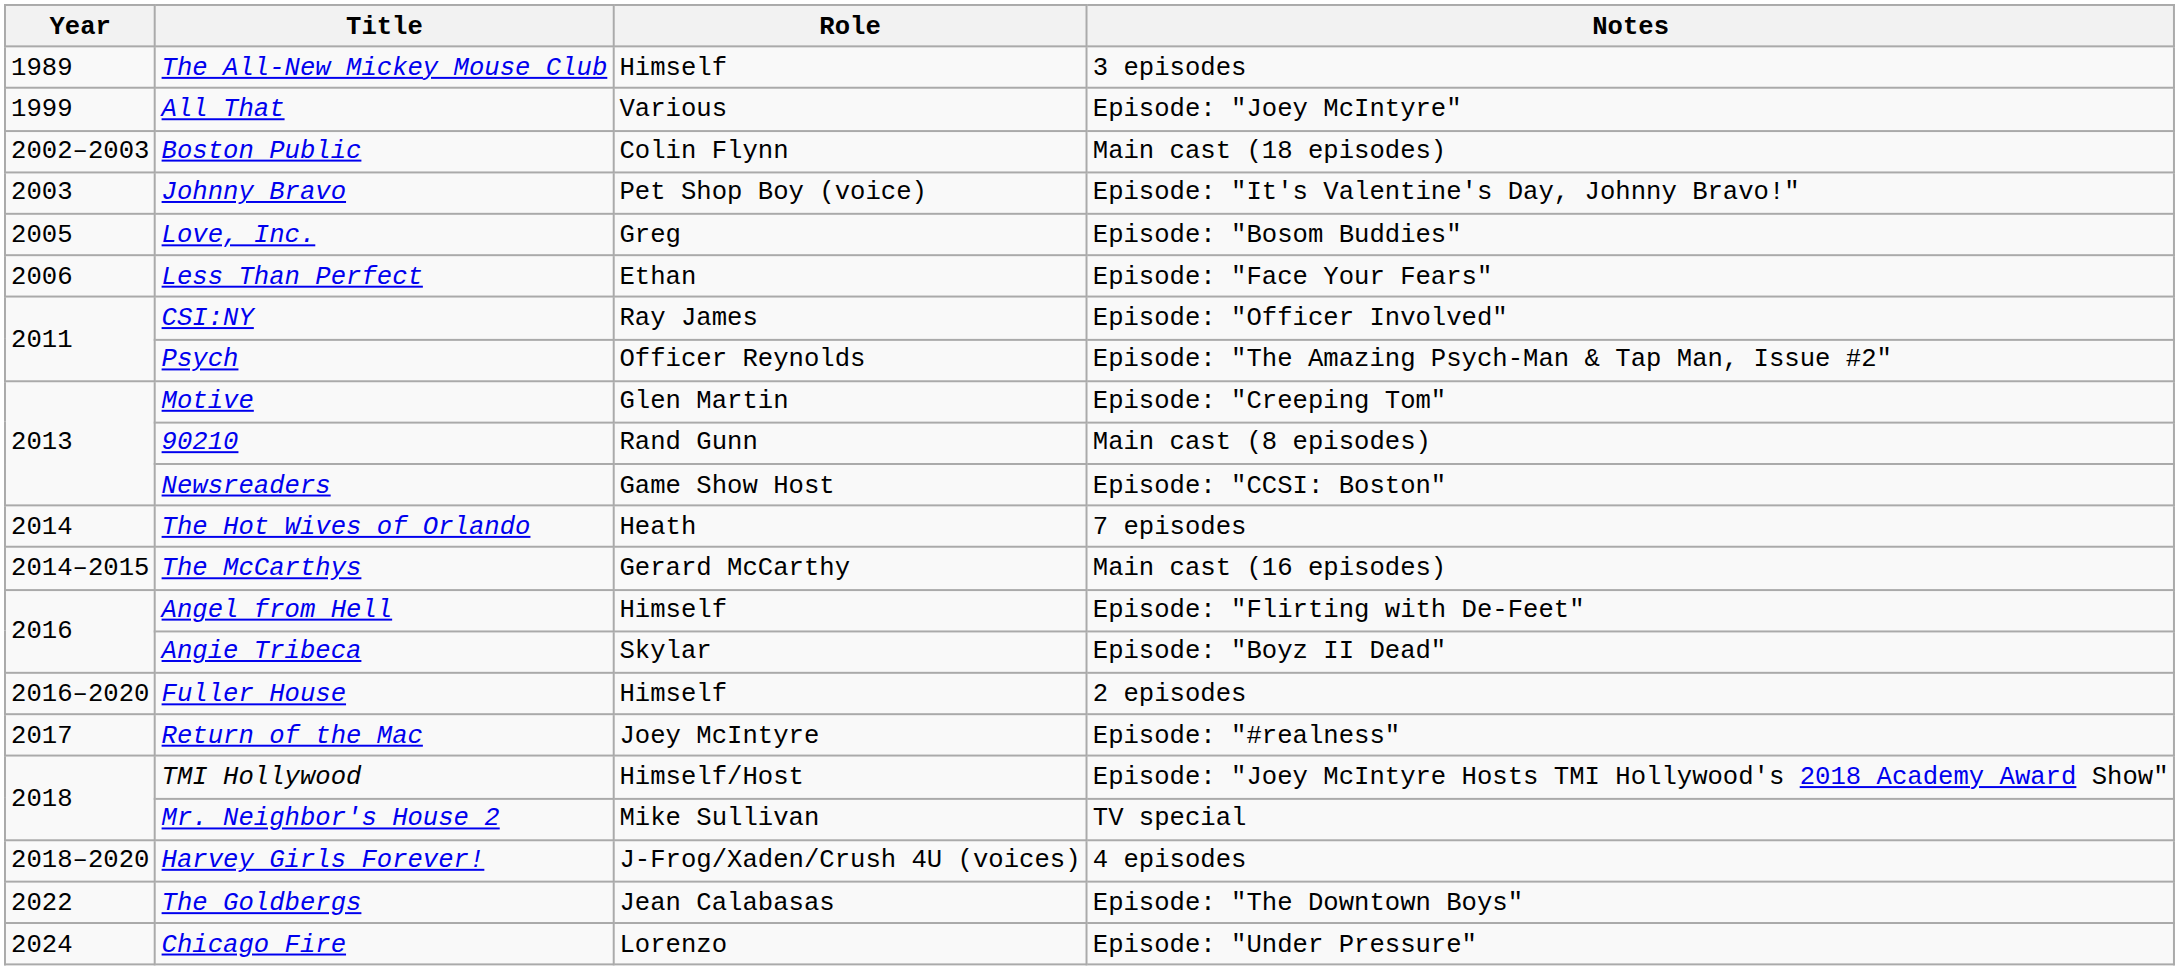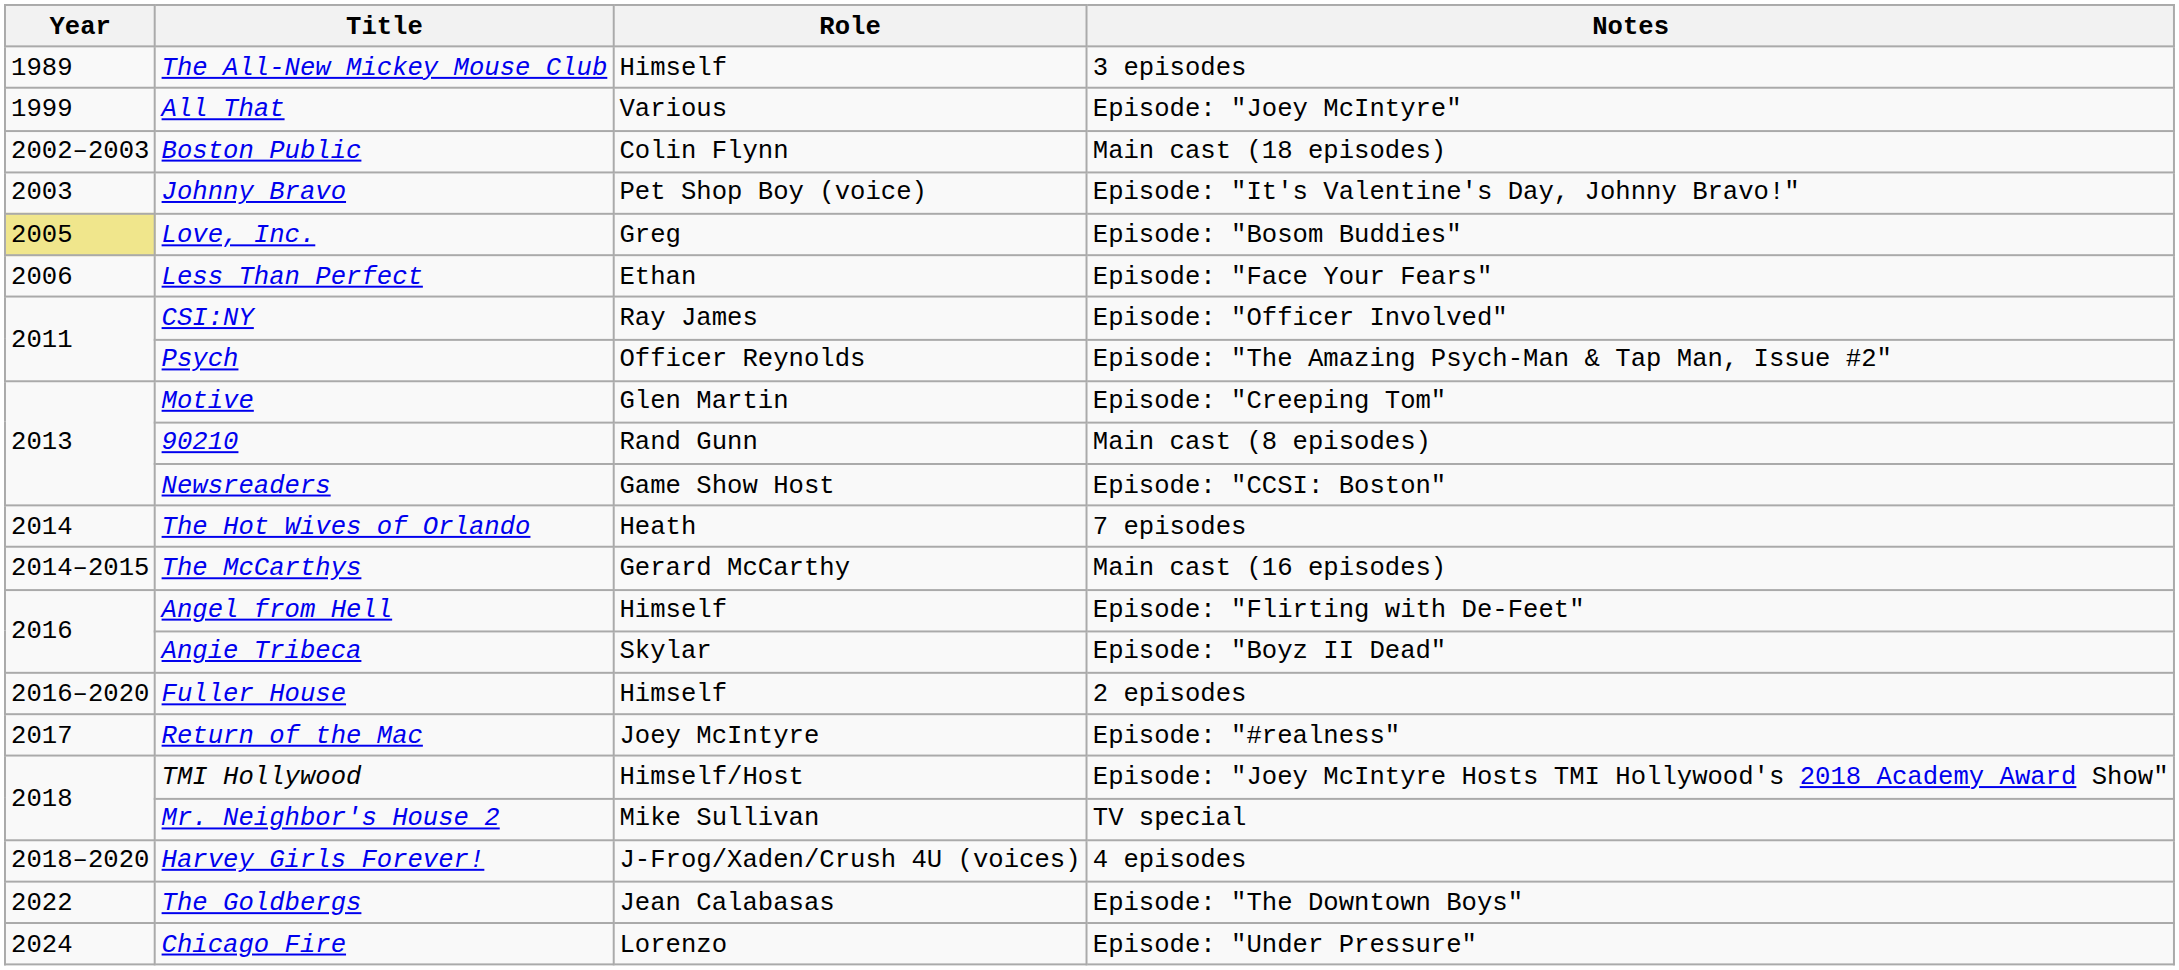 <table class="wikitable">
 <tr>
 <th>Year</th>
 <th>Title</th>
 <th>Role</th>
 <th>Notes</th>
 </tr>
 <tr>
 <td>1989</td>
 <td><a href='#'><em>The All-New Mickey Mouse Club</em></a></td>
 <td>Himself</td>
 <td>3 episodes</td>
 </tr>
 <tr>
 <td>1999</td>
 <td><em><a href='#'>All That</a></em></td>
 <td>Various</td>
 <td>Episode: "Joey McIntyre"</td>
 </tr>
 <tr>
 <td>2002–2003</td>
 <td><em><a href='#'>Boston Public</a></em></td>
 <td>Colin Flynn</td>
 <td>Main cast (18 episodes)</td>
 </tr>
 <tr>
 <td>2003</td>
 <td><em><a href='#'>Johnny Bravo</a></em></td>
 <td>Pet Shop Boy (voice)</td>
 <td>Episode: "It's Valentine's Day, Johnny Bravo!"</td>
 </tr>
 <tr>
-<td>2005</td>
+<td style="background: khaki;">2005</td>
 <td><em><a href='#'>Love, Inc.</a></em></td>
 <td>Greg</td>
 <td>Episode: "Bosom Buddies"</td>
 </tr>
 <tr>
 <td>2006</td>
 <td><em><a href='#'>Less Than Perfect</a></em></td>
 <td>Ethan</td>
 <td>Episode: "Face Your Fears"</td>
 </tr>
 <tr>
 <td rowspan="2">2011</td>
 <td><em><a href='#'>CSI:NY</a></em></td>
 <td>Ray James</td>
 <td>Episode: "Officer Involved"</td>
 </tr>
 <tr>
 <td><em><a href='#'>Psych</a></em></td>
 <td>Officer Reynolds</td>
 <td>Episode: "The Amazing Psych-Man & Tap Man, Issue #2"</td>
 </tr>
 <tr>
 <td rowspan="3">2013</td>
 <td><em><a href='#'>Motive</a></em></td>
 <td>Glen Martin</td>
 <td>Episode: "Creeping Tom"</td>
 </tr>
 <tr>
 <td><em><a href='#'>90210</a></em></td>
 <td>Rand Gunn</td>
 <td>Main cast (8 episodes)</td>
 </tr>
 <tr>
 <td><em><a href='#'>Newsreaders</a></em></td>
 <td>Game Show Host</td>
 <td>Episode: "CCSI: Boston"</td>
 </tr>
 <tr>
 <td>2014</td>
 <td><em><a href='#'>The Hot Wives of Orlando</a></em></td>
 <td>Heath</td>
 <td>7 episodes</td>
 </tr>
 <tr>
 <td>2014–2015</td>
 <td><em><a href='#'>The McCarthys</a></em></td>
 <td>Gerard McCarthy</td>
 <td>Main cast (16 episodes)</td>
 </tr>
 <tr>
 <td rowspan="2">2016</td>
 <td><em><a href='#'>Angel from Hell</a></em></td>
 <td>Himself</td>
 <td>Episode: "Flirting with De-Feet"</td>
 </tr>
 <tr>
 <td><em><a href='#'>Angie Tribeca</a></em></td>
 <td>Skylar</td>
 <td>Episode: "Boyz II Dead"</td>
 </tr>
 <tr>
 <td>2016–2020</td>
 <td><em><a href='#'>Fuller House</a></em></td>
 <td>Himself</td>
 <td>2 episodes</td>
 </tr>
 <tr>
 <td>2017</td>
 <td><em><a href='#'>Return of the Mac</a></em></td>
 <td>Joey McIntyre</td>
 <td>Episode: "#realness"</td>
 </tr>
 <tr>
 <td rowspan="2">2018</td>
 <td><em>TMI Hollywood</em></td>
 <td>Himself/Host</td>
 <td>Episode: "Joey McIntyre Hosts TMI Hollywood's <a href='#'>2018 Academy Award</a> Show"</td>
 </tr>
 <tr>
 <td><em><a href='#'>Mr. Neighbor's House 2</a></em></td>
 <td>Mike Sullivan</td>
 <td>TV special</td>
 </tr>
 <tr>
 <td>2018–2020</td>
 <td><em><a href='#'>Harvey Girls Forever!</a></em></td>
 <td>J-Frog/Xaden/Crush 4U (voices)</td>
 <td>4 episodes</td>
 </tr>
 <tr>
 <td>2022</td>
 <td><em><a href='#'>The Goldbergs</a></em></td>
 <td>Jean Calabasas</td>
 <td>Episode: "The Downtown Boys"</td>
 </tr>
 <tr>
 <td>2024</td>
 <td><em><a href='#'>Chicago Fire</a></em></td>
 <td>Lorenzo</td>
 <td>Episode: "Under Pressure"</td>
 </tr>
 </table>
